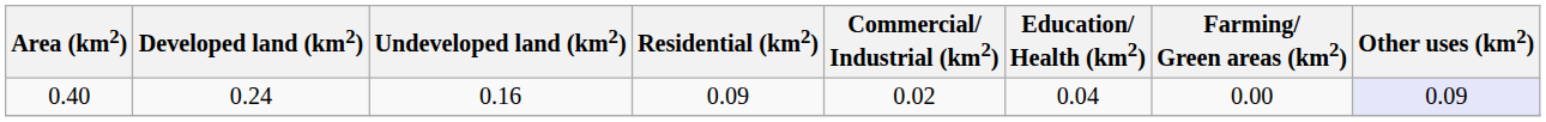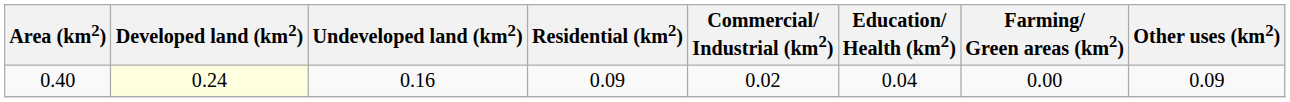 <table class="wikitable" style="text-align: center;">
 <tr>
 <th>Area (km<sup>2</sup>)</th>
 <th>Developed land (km<sup>2</sup>)</th>
 <th>Undeveloped land (km<sup>2</sup>)</th>
 <th>Residential (km<sup>2</sup>)</th>
 <th>Commercial/<br> Industrial (km<sup>2</sup>)</th>
 <th>Education/<br> Health (km<sup>2</sup>)</th>
 <th>Farming/<br> Green areas (km<sup>2</sup>)</th>
 <th>Other uses (km<sup>2</sup>)</th>
 </tr>
 <tr>
 <td>0.40</td>
-<td>0.24</td>
+<td style="background: lightyellow;">0.24</td>
 <td>0.16</td>
 <td>0.09</td>
 <td>0.02</td>
 <td>0.04</td>
 <td>0.00</td>
-<td style="background: lavender;">0.09</td>
+<td>0.09</td>
 </tr>
 <tr>
 </tr>
 </table>
